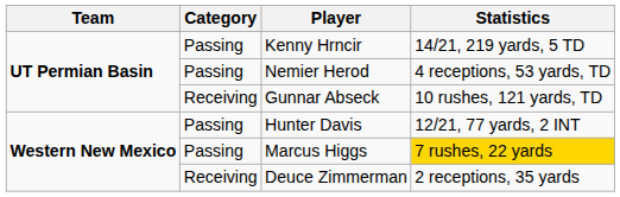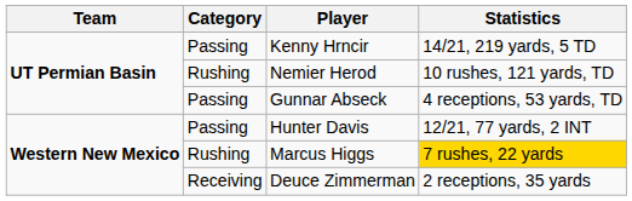 <table class="wikitable" style="float: right;">
 <tr>
 <th>Team</th>
 <th>Category</th>
 <th>Player</th>
 <th>Statistics</th>
 </tr>
 <tr>
 <td rowspan=3><strong>UT Permian Basin</strong></td>
 <td>Passing</td>
 <td>Kenny Hrncir</td>
 <td>14/21, 219 yards, 5 TD</td>
 </tr>
 <tr>
-<td>Passing</td>
+<td>Rushing</td>
 <td>Nemier Herod</td>
-<td>4 receptions, 53 yards, TD</td>
+<td>10 rushes, 121 yards, TD</td>
 </tr>
 <tr>
-<td>Receiving</td>
+<td>Passing</td>
 <td>Gunnar Abseck</td>
-<td>10 rushes, 121 yards, TD</td>
+<td>4 receptions, 53 yards, TD</td>
 </tr>
 <tr>
 <td rowspan=3><strong>Western New Mexico</strong></td>
 <td>Passing</td>
 <td>Hunter Davis</td>
 <td>12/21, 77 yards, 2 INT</td>
 </tr>
 <tr>
-<td>Passing</td>
+<td>Rushing</td>
 <td>Marcus Higgs</td>
 <td style="background: gold;">7 rushes, 22 yards</td>
 </tr>
 <tr>
 <td>Receiving</td>
 <td>Deuce Zimmerman</td>
 <td>2 receptions, 35 yards</td>
 </tr>
 </table>
